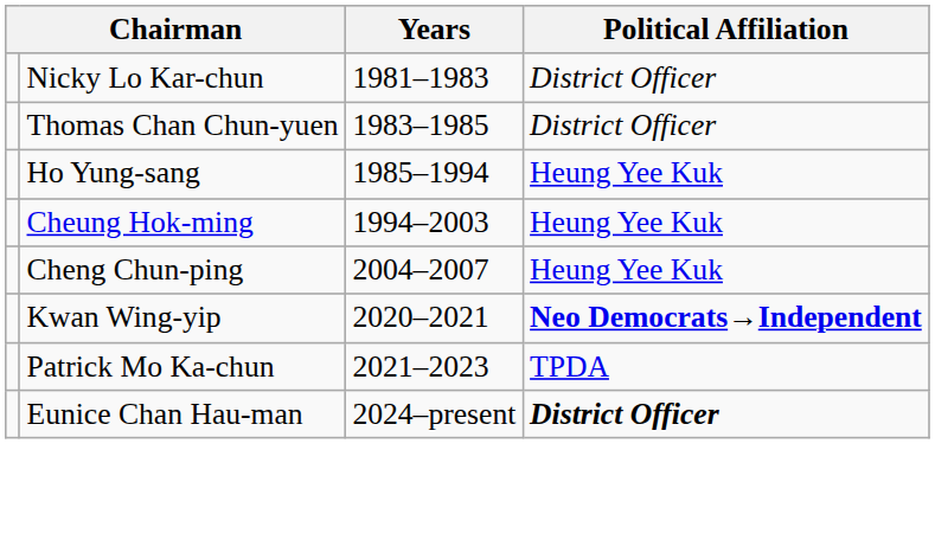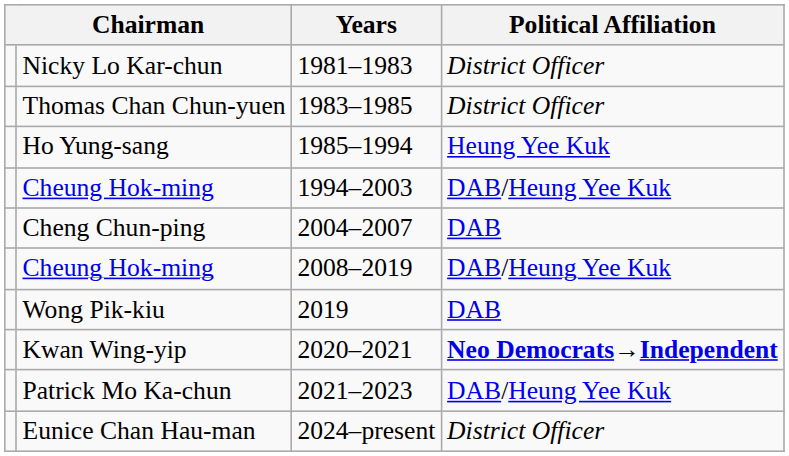 <table class="wikitable">
 <tr>
 <th colspan=2>Chairman</th>
 <th>Years</th>
 <th>Political Affiliation</th>
 </tr>
 <tr>
 <td style="color:inherit;background:"></td>
 <td>Nicky Lo Kar-chun</td>
 <td>1981–1983</td>
 <td><em>District Officer</em></td>
 </tr>
 <tr>
 <td style="color:inherit;background:"></td>
 <td>Thomas Chan Chun-yuen</td>
 <td>1983–1985</td>
 <td><em>District Officer</em></td>
 </tr>
 <tr>
 <td style="color:inherit;background:"></td>
 <td>Ho Yung-sang</td>
 <td>1985–1994</td>
 <td><a href='#'>Heung Yee Kuk</a></td>
 </tr>
 <tr>
 <td style="color:inherit;background:"></td>
 <td><a href='#'>Cheung Hok-ming</a></td>
 <td>1994–2003</td>
-<td><a href='#'>Heung Yee Kuk</a></td>
+<td><a href='#'>DAB</a>/<a href='#'>Heung Yee Kuk</a></td>
 </tr>
 <tr>
 <td style="color:inherit;background:"></td>
 <td>Cheng Chun-ping</td>
 <td>2004–2007</td>
-<td><a href='#'>Heung Yee Kuk</a></td>
+<td><a href='#'>DAB</a></td>
+</tr>
+<tr>
+<td style="color:inherit;background:"></td>
+<td><a href='#'>Cheung Hok-ming</a></td>
+<td>2008–2019</td>
+<td><a href='#'>DAB</a>/<a href='#'>Heung Yee Kuk</a></td>
+</tr>
+<tr>
+<td style="color:inherit;background:"></td>
+<td>Wong Pik-kiu</td>
+<td>2019</td>
+<td><a href='#'>DAB</a></td>
 </tr>
 <tr>
 <td style="color:inherit;background:"></td>
 <td>Kwan Wing-yip</td>
 <td>2020–2021</td>
 <td><strong><a href='#'>Neo Democrats</a>→<a href='#'>Independent</a></strong></td>
 </tr>
 <tr>
 <td style="color:inherit;background:"></td>
 <td>Patrick Mo Ka-chun</td>
 <td>2021–2023</td>
-<td><a href='#'>TPDA</a></td>
+<td><a href='#'>DAB</a>/<a href='#'>Heung Yee Kuk</a></td>
 </tr>
 <tr>
 <td style="color:inherit;background:"></td>
 <td>Eunice Chan Hau-man</td>
 <td>2024–present</td>
-<td><strong><em>District Officer</em></strong></td>
+<td><em>District Officer</em></td>
 </tr>
 </table>
